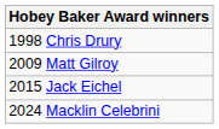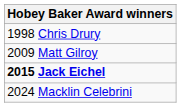 <table class="wikitable">
 <tr>
 <th>Hobey Baker Award winners</th>
 </tr>
 <tr>
 <td>1998 <a href='#'>Chris Drury</a></td>
 </tr>
 <tr>
 <td>2009 <a href='#'>Matt Gilroy</a></td>
 </tr>
 <tr>
-<td>2015 <a href='#'>Jack Eichel</a></td>
+<td><strong>2015 <a href='#'>Jack Eichel</a></strong></td>
 </tr>
 <tr>
 <td>2024 <a href='#'>Macklin Celebrini</a></td>
 </tr>
 </table>
